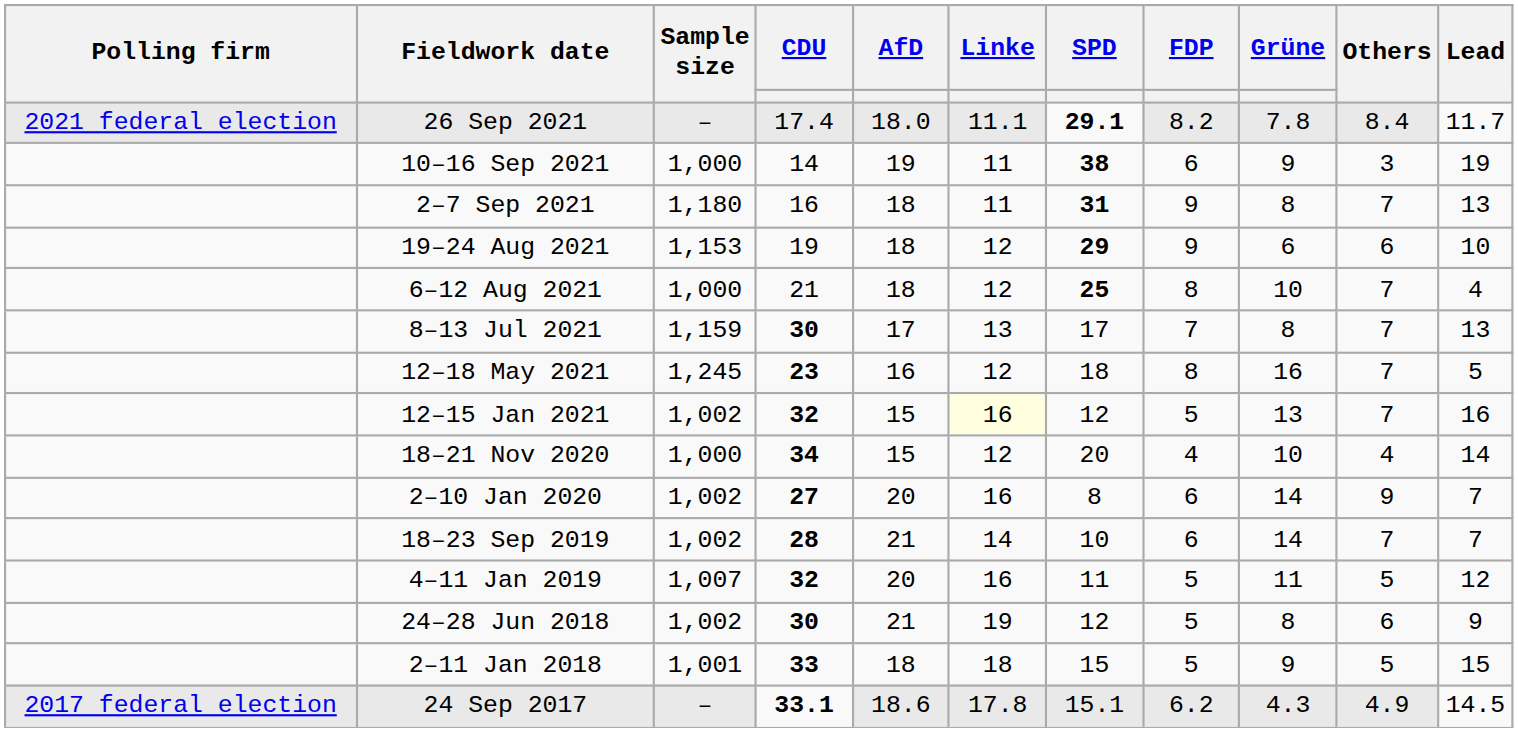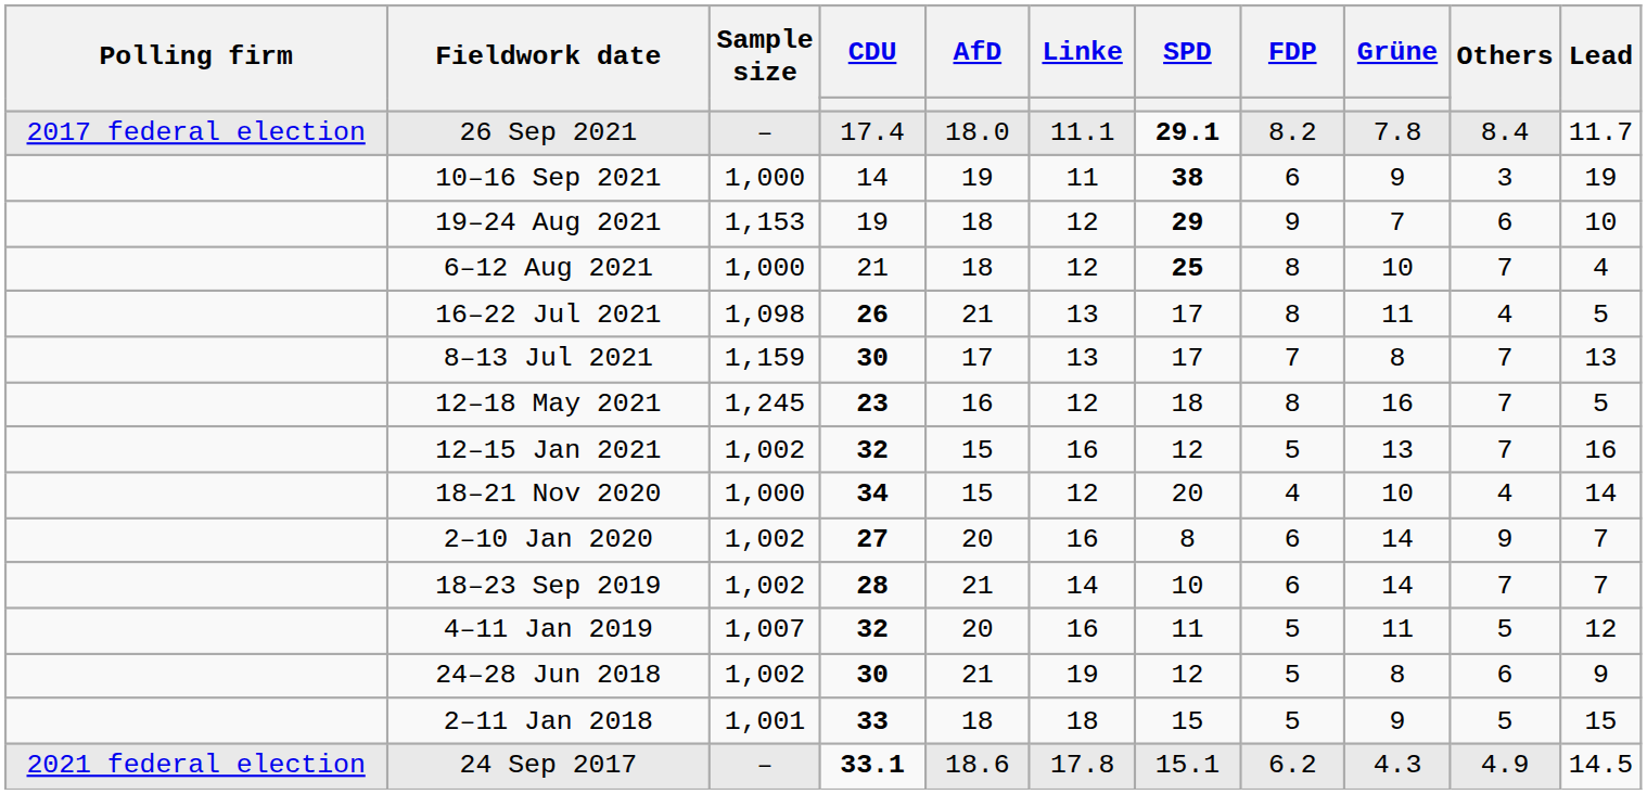 <table class="wikitable sortable mw-datatable" style="text-align:center;font-size:90%;line-height:14px;">
 <tr style="height:40px;">
 <th style="width:160px;" rowspan="2">Polling firm</th>
 <th style="width:135px;" rowspan="2">Fieldwork date</th>
 <th style="width:35px;" rowspan="2">Sample<br>size</th>
 <th class="unsortable" style="width:40px;"><a href='#'>CDU</a></th>
 <th class="unsortable" style="width:40px;"><a href='#'>AfD</a></th>
 <th class="unsortable" style="width:40px;"><a href='#'>Linke</a></th>
 <th class="unsortable" style="width:40px;"><a href='#'>SPD</a></th>
 <th class="unsortable" style="width:40px;"><a href='#'>FDP</a></th>
 <th class="unsortable" style="width:40px;"><a href='#'>Grüne</a></th>
 <th class="unsortable" style="width:30px;" rowspan="2">Others</th>
 <th style="width:30px;" rowspan="2">Lead</th>
 </tr>
 <tr>
 <th style="background:"></th>
 <th style="background:"></th>
 <th style="background:"></th>
 <th style="background:"></th>
 <th style="background:"></th>
 <th style="background:"></th>
 </tr>
 <tr>
-<td style="background:#E9E9E9;"><a href='#'>2021 federal election</a></td>
+<td style="background:#E9E9E9;"><a href='#'>2017 federal election</a></td>
 <td style="background:#E9E9E9;" data-sort-value="2021-09-26">26 Sep 2021</td>
 <td style="background:#E9E9E9;">–</td>
 <td style="background:#E9E9E9;">17.4</td>
 <td style="background:#E9E9E9;">18.0</td>
 <td style="background:#E9E9E9;">11.1</td>
 <td><strong>29.1</strong></td>
 <td style="background:#E9E9E9;">8.2</td>
 <td style="background:#E9E9E9;">7.8</td>
 <td style="background:#E9E9E9;">8.4</td>
 <td style="background:">11.7</td>
 </tr>
 <tr>
 <td></td>
 <td data-sort-value="2021-09-17">10–16 Sep 2021</td>
 <td>1,000</td>
 <td>14</td>
 <td>19</td>
 <td>11</td>
 <td><strong>38</strong></td>
 <td>6</td>
 <td>9</td>
 <td>3</td>
 <td style="background:">19</td>
 </tr>
 <tr>
 <td></td>
-<td data-sort-value="2021-09-08">2–7 Sep 2021</td>
-<td>1,180</td>
-<td>16</td>
-<td>18</td>
-<td>11</td>
-<td><strong>31</strong></td>
-<td>9</td>
-<td>8</td>
-<td>7</td>
-<td style="background:">13</td>
-</tr>
-<tr>
-<td></td>
 <td data-sort-value="2021-08-26">19–24 Aug 2021</td>
 <td>1,153</td>
 <td>19</td>
 <td>18</td>
 <td>12</td>
 <td><strong>29</strong></td>
 <td>9</td>
-<td>6</td>
+<td>7</td>
 <td>6</td>
 <td style="background:">10</td>
 </tr>
 <tr>
 <td></td>
 <td data-sort-value="2021-08-15">6–12 Aug 2021</td>
 <td>1,000</td>
 <td>21</td>
 <td>18</td>
 <td>12</td>
 <td><strong>25</strong></td>
 <td>8</td>
 <td>10</td>
 <td>7</td>
 <td style="background:">4</td>
+</tr>
+<tr>
+<td></td>
+<td data-sort-value="2021-07-25">16–22 Jul 2021</td>
+<td>1,098</td>
+<td><strong>26</strong></td>
+<td>21</td>
+<td>13</td>
+<td>17</td>
+<td>8</td>
+<td>11</td>
+<td>4</td>
+<td style="background:">5</td>
 </tr>
 <tr>
 <td></td>
 <td data-sort-value="2021-07-15">8–13 Jul 2021</td>
 <td>1,159</td>
 <td><strong>30</strong></td>
 <td>17</td>
 <td>13</td>
 <td>17</td>
 <td>7</td>
 <td>8</td>
 <td>7</td>
 <td style="background:">13</td>
 </tr>
 <tr>
 <td></td>
 <td data-sort-value="2021-05-20">12–18 May 2021</td>
 <td>1,245</td>
 <td><strong>23</strong></td>
 <td>16</td>
 <td>12</td>
 <td>18</td>
 <td>8</td>
 <td>16</td>
 <td>7</td>
 <td style="background:">5</td>
 </tr>
 <tr>
 <td></td>
 <td data-sort-value="2020-01-21">12–15 Jan 2021</td>
 <td>1,002</td>
 <td><strong>32</strong></td>
 <td>15</td>
-<td style="background: lightyellow;">16</td>
+<td>16</td>
 <td>12</td>
 <td>5</td>
 <td>13</td>
 <td>7</td>
 <td style="background:">16</td>
 </tr>
 <tr>
 <td></td>
 <td data-sort-value="2020-11-25">18–21 Nov 2020</td>
 <td>1,000</td>
 <td><strong>34</strong></td>
 <td>15</td>
 <td>12</td>
 <td>20</td>
 <td>4</td>
 <td>10</td>
 <td>4</td>
 <td style="background:">14</td>
 </tr>
 <tr>
 <td></td>
 <td data-sort-value="2020-01-16">2–10 Jan 2020</td>
 <td>1,002</td>
 <td><strong>27</strong></td>
 <td>20</td>
 <td>16</td>
 <td>8</td>
 <td>6</td>
 <td>14</td>
 <td>9</td>
 <td style="background:">7</td>
 </tr>
 <tr>
 <td></td>
 <td data-sort-value="2019-09-23">18–23 Sep 2019</td>
 <td>1,002</td>
 <td><strong>28</strong></td>
 <td>21</td>
 <td>14</td>
 <td>10</td>
 <td>6</td>
 <td>14</td>
 <td>7</td>
 <td style="background:">7</td>
 </tr>
 <tr>
 <td></td>
 <td data-sort-value="2019-01-11">4–11 Jan 2019</td>
 <td>1,007</td>
 <td><strong>32</strong></td>
 <td>20</td>
 <td>16</td>
 <td>11</td>
 <td>5</td>
 <td>11</td>
 <td>5</td>
 <td style="background:">12</td>
 </tr>
 <tr>
 <td></td>
 <td data-sort-value="2018-06-28">24–28 Jun 2018</td>
 <td>1,002</td>
 <td><strong>30</strong></td>
 <td>21</td>
 <td>19</td>
 <td>12</td>
 <td>5</td>
 <td>8</td>
 <td>6</td>
 <td style="background:">9</td>
 </tr>
 <tr>
 <td></td>
 <td data-sort-value="2018-01-11">2–11 Jan 2018</td>
 <td>1,001</td>
 <td><strong>33</strong></td>
 <td>18</td>
 <td>18</td>
 <td>15</td>
 <td>5</td>
 <td>9</td>
 <td>5</td>
 <td style="background:">15</td>
 </tr>
 <tr>
-<td style="background:#E9E9E9;"><a href='#'>2017 federal election</a></td>
+<td style="background:#E9E9E9;"><a href='#'>2021 federal election</a></td>
 <td style="background:#E9E9E9;" data-sort-value="2017-09-24">24 Sep 2017</td>
 <td style="background:#E9E9E9;">–</td>
 <td><strong>33.1</strong></td>
 <td style="background:#E9E9E9;">18.6</td>
 <td style="background:#E9E9E9;">17.8</td>
 <td style="background:#E9E9E9;">15.1</td>
 <td style="background:#E9E9E9;">6.2</td>
 <td style="background:#E9E9E9;">4.3</td>
 <td style="background:#E9E9E9;">4.9</td>
 <td style="background:">14.5</td>
 </tr>
 </table>
